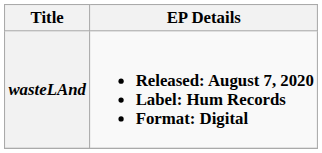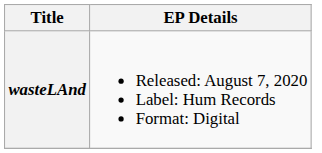 <table class="wikitable plainrowheaders">
 <tr>
 <th>Title</th>
 <th>EP Details</th>
 </tr>
 <tr>
 <th scope="row"><em>wasteLAnd</em></th>
-<td><strong><br><ul><li>Released: August 7, 2020</li><li>Label: Hum Records</li><li>Format: Digital</li></ul></strong></td>
+<td><br><ul><li>Released: August 7, 2020</li><li>Label: Hum Records</li><li>Format: Digital</li></ul></td>
 </tr>
 <tr>
 </tr>
 </table>
